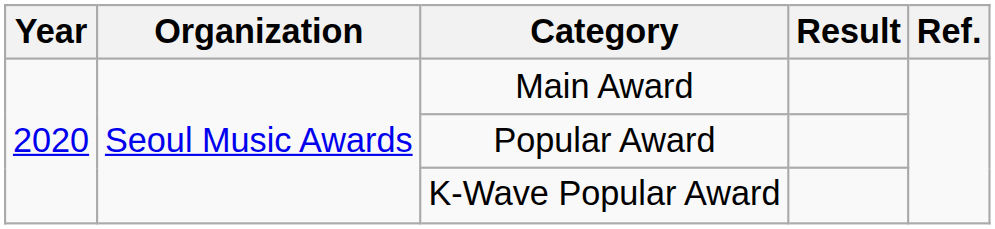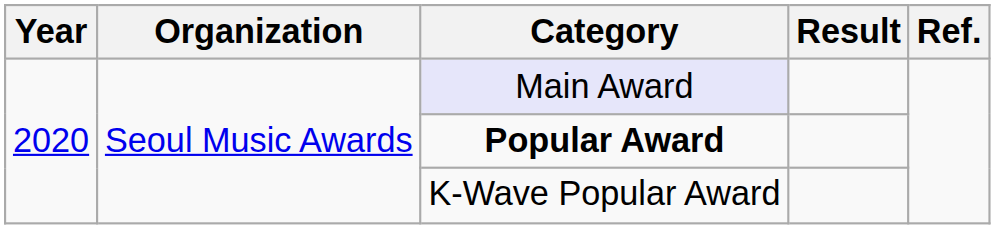 <table class="wikitable" style="text-align:center">
 <tr>
 <th>Year</th>
 <th>Organization</th>
 <th>Category</th>
 <th>Result</th>
 <th>Ref.</th>
 </tr>
 <tr>
 <td rowspan="3"><a href='#'>2020</a></td>
 <td rowspan="3"><a href='#'>Seoul Music Awards</a></td>
-<td>Main Award</td>
+<td style="background: lavender;">Main Award</td>
 <td></td>
 <td rowspan="3"></td>
 </tr>
 <tr>
-<td>Popular Award</td>
+<td><strong>Popular Award</strong></td>
 <td></td>
 </tr>
 <tr>
 <td>K-Wave Popular Award</td>
 <td></td>
 </tr>
 </table>
